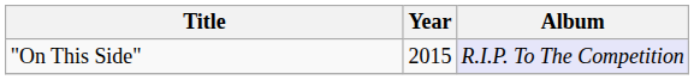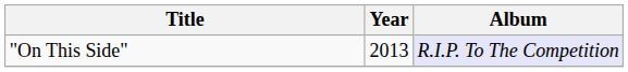 <table class="wikitable" style="text-align:">
 <tr>
 <th scope="col" rowspan="1" style="width:18em;">Title</th>
 <th scope="col" rowspan="1">Year</th>
 <th scope="col" rowspan="1">Album</th>
 </tr>
 <tr>
 <td>"On This Side" <br></td>
-<td>2015</td>
+<td>2013</td>
 <td style="background: lavender;"><em>R.I.P. To The Competition</em></td>
 </tr>
 <tr>
 </tr>
 </table>
